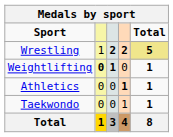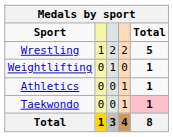 <table class=wikitable style="font-size:85%; float:right">
 <tr bgcolor=efefef>
 <th colspan=7>Medals by sport</th>
 </tr>
 <tr align=center>
 <td><strong>Sport</strong></td>
 <td bgcolor=f7f6a8></td>
 <td bgcolor=dce5e5></td>
 <td bgcolor=ffdab9></td>
 <td><strong>Total</strong></td>
 </tr>
 <tr align=center>
 <td><a href='#'>Wrestling</a></td>
 <td style="background:#F7F6A8;">1</td>
-<td style="background:#DCE5E5;"><strong>2</strong></td>
-<td style="background:#FFDAB9;"><strong>2</strong></td>
-<td style="background: khaki;"><strong>5</strong></td>
+<td style="background:#DCE5E5;">2</td>
+<td style="background:#FFDAB9;">2</td>
+<td><strong>5</strong></td>
 </tr>
 <tr align=center>
 <td><a href='#'>Weightlifting</a></td>
-<td style="background:#F7F6A8;"><strong>0</strong></td>
-<td style="background:#DCE5E5;"><strong>1</strong></td>
+<td style="background:#F7F6A8;">0</td>
+<td style="background:#DCE5E5;">1</td>
 <td style="background:#FFDAB9;">0</td>
 <td><strong>1</strong></td>
 </tr>
 <tr align=center>
 <td><a href='#'>Athletics</a></td>
 <td style="background:#F7F6A8;">0</td>
 <td style="background:#DCE5E5;">0</td>
-<td style="background:#FFDAB9;"><strong>1</strong></td>
+<td style="background:#FFDAB9;">1</td>
 <td><strong>1</strong></td>
 </tr>
 <tr align=center>
 <td><a href='#'>Taekwondo</a></td>
 <td style="background:#F7F6A8;">0</td>
 <td style="background:#DCE5E5;">0</td>
 <td style="background:#FFDAB9;">1</td>
-<td><strong>1</strong></td>
+<td style="background: pink;"><strong>1</strong></td>
 </tr>
 <tr align=center>
 <th>Total</th>
 <th style="background:gold;">1</th>
 <th style="background:silver;">3</th>
 <th style="background:#c96;">4</th>
 <th>8</th>
 </tr>
 </table>
